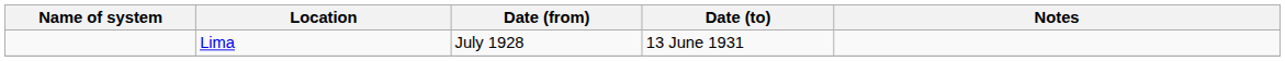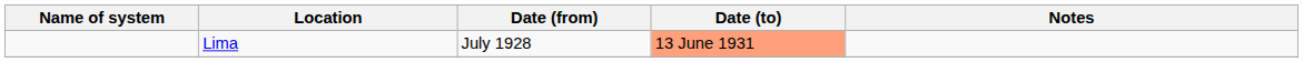 <table class="wikitable" width=100%>
 <tr>
 <th width=15%>Name of system</th>
 <th width=20%>Location</th>
 <th width=15%>Date (from)</th>
 <th width=15%>Date (to)</th>
 <th width=35%>Notes</th>
 </tr>
 <tr>
 <td> </td>
 <td><a href='#'>Lima</a></td>
 <td>July 1928</td>
-<td>13 June 1931</td>
+<td style="background: lightsalmon;">13 June 1931</td>
 <td> </td>
 </tr>
 <tr>
 </tr>
 </table>
